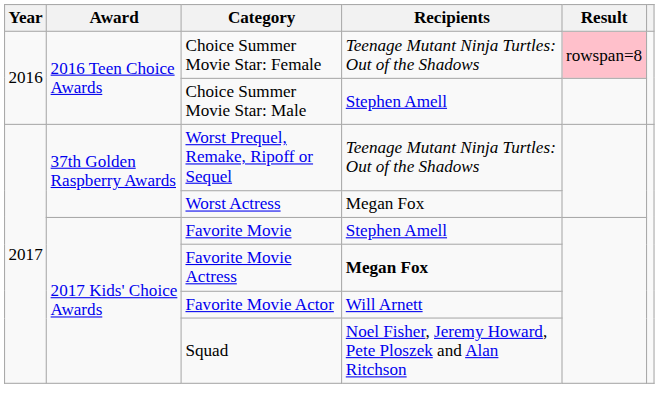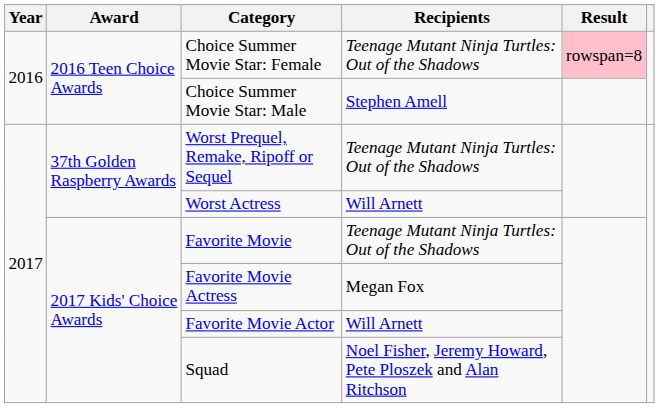 <table class="wikitable sortable">
 <tr>
 <th>Year</th>
 <th>Award</th>
 <th>Category</th>
 <th>Recipients</th>
 <th>Result</th>
 <th class="unsortable"></th>
 </tr>
 <tr>
 <td rowspan="2">2016</td>
 <td rowspan="2"><a href='#'>2016 Teen Choice Awards</a></td>
 <td>Choice Summer Movie Star: Female</td>
 <td><em>Teenage Mutant Ninja Turtles: Out of the Shadows</em></td>
 <td style="background: pink;">rowspan=8 </td>
 <td rowspan="2"></td>
 </tr>
 <tr>
 <td>Choice Summer Movie Star: Male</td>
 <td><a href='#'>Stephen Amell</a></td>
 </tr>
 <tr>
 <td rowspan="6">2017</td>
 <td rowspan="2"><a href='#'>37th Golden Raspberry Awards</a></td>
 <td><a href='#'>Worst Prequel, Remake, Ripoff or Sequel</a></td>
 <td><em>Teenage Mutant Ninja Turtles: Out of the Shadows</em></td>
 <td rowspan="2"></td>
 </tr>
 <tr>
 <td><a href='#'>Worst Actress</a></td>
-<td>Megan Fox</td>
+<td><a href='#'>Will Arnett</a></td>
 </tr>
 <tr>
 <td rowspan="4"><a href='#'>2017 Kids' Choice Awards</a></td>
 <td><a href='#'>Favorite Movie</a></td>
-<td><a href='#'>Stephen Amell</a></td>
+<td><em>Teenage Mutant Ninja Turtles: Out of the Shadows</em></td>
 <td rowspan="4"></td>
 </tr>
 <tr>
 <td><a href='#'>Favorite Movie Actress</a></td>
-<td><strong>Megan Fox</strong></td>
+<td>Megan Fox</td>
 </tr>
 <tr>
 <td><a href='#'>Favorite Movie Actor</a></td>
 <td><a href='#'>Will Arnett</a></td>
 </tr>
 <tr>
 <td>Squad</td>
 <td><a href='#'>Noel Fisher</a>, <a href='#'>Jeremy Howard</a>, <a href='#'>Pete Ploszek</a> and <a href='#'>Alan Ritchson</a></td>
 </tr>
 </table>
